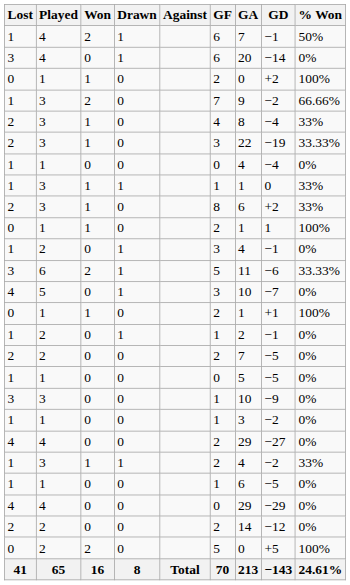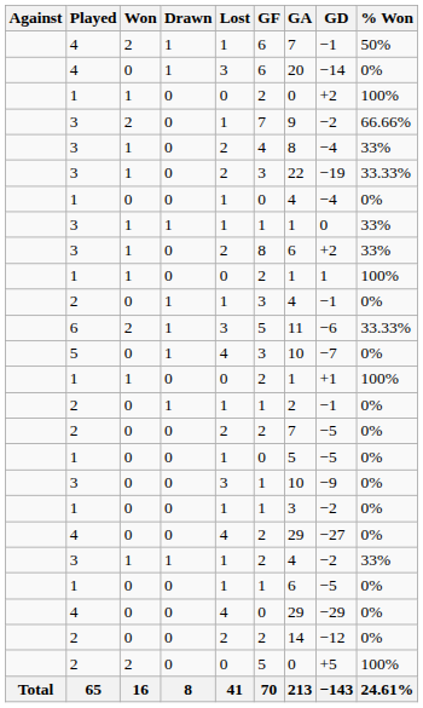 <table class="sortable wikitable">
 <tr>
-<th>Lost</th>
+<th>Against</th>
 <th>Played</th>
 <th>Won</th>
 <th>Drawn</th>
-<th>Against</th>
+<th>Lost</th>
 <th>GF</th>
 <th>GA</th>
 <th>GD</th>
 <th>% Won</th>
 </tr>
 <tr>
-<td>1</td>
+<td style="text-align:left;"></td>
 <td>4</td>
 <td>2</td>
 <td>1</td>
-<td style="text-align:left;"></td>
+<td>1</td>
 <td>6</td>
 <td>7</td>
 <td>−1</td>
 <td>50%</td>
 </tr>
 <tr>
-<td>3</td>
+<td style="text-align:left;"></td>
 <td>4</td>
 <td>0</td>
 <td>1</td>
-<td style="text-align:left;"></td>
+<td>3</td>
 <td>6</td>
 <td>20</td>
 <td>−14</td>
 <td>0%</td>
 </tr>
 <tr>
-<td>0</td>
+<td style="text-align:left;"></td>
 <td>1</td>
 <td>1</td>
 <td>0</td>
-<td style="text-align:left;"></td>
+<td>0</td>
 <td>2</td>
 <td>0</td>
 <td>+2</td>
 <td>100%</td>
 </tr>
 <tr>
-<td>1</td>
+<td style="text-align:left;"></td>
 <td>3</td>
 <td>2</td>
 <td>0</td>
-<td style="text-align:left;"></td>
+<td>1</td>
 <td>7</td>
 <td>9</td>
 <td>−2</td>
 <td>66.66%</td>
 </tr>
 <tr>
-<td>2</td>
+<td style="text-align:left;"></td>
 <td>3</td>
 <td>1</td>
 <td>0</td>
-<td style="text-align:left;"></td>
+<td>2</td>
 <td>4</td>
 <td>8</td>
 <td>−4</td>
 <td>33%</td>
 </tr>
 <tr>
-<td>2</td>
+<td style="text-align:left;"></td>
 <td>3</td>
 <td>1</td>
 <td>0</td>
-<td style="text-align:left;"></td>
+<td>2</td>
 <td>3</td>
 <td>22</td>
 <td>−19</td>
 <td>33.33%</td>
 </tr>
 <tr>
-<td>1</td>
+<td style="text-align:left;"></td>
 <td>1</td>
 <td>0</td>
 <td>0</td>
-<td style="text-align:left;"></td>
+<td>1</td>
 <td>0</td>
 <td>4</td>
 <td>−4</td>
 <td>0%</td>
 </tr>
 <tr>
-<td>1</td>
+<td style="text-align:left;"><em></em></td>
 <td>3</td>
 <td>1</td>
 <td>1</td>
-<td style="text-align:left;"><em></em></td>
+<td>1</td>
 <td>1</td>
 <td>1</td>
 <td>0</td>
 <td>33%</td>
 </tr>
 <tr>
-<td>2</td>
+<td style="text-align:left;"></td>
 <td>3</td>
 <td>1</td>
 <td>0</td>
-<td style="text-align:left;"></td>
+<td>2</td>
 <td>8</td>
 <td>6</td>
 <td>+2</td>
 <td>33%</td>
 </tr>
 <tr>
-<td>0</td>
+<td style="text-align:left;"></td>
 <td>1</td>
 <td>1</td>
 <td>0</td>
-<td style="text-align:left;"></td>
+<td>0</td>
 <td>2</td>
 <td>1</td>
 <td>1</td>
 <td>100%</td>
 </tr>
 <tr>
-<td>1</td>
+<td style="text-align:left;"></td>
 <td>2</td>
 <td>0</td>
 <td>1</td>
-<td style="text-align:left;"></td>
+<td>1</td>
 <td>3</td>
 <td>4</td>
 <td>−1</td>
 <td>0%</td>
 </tr>
 <tr>
-<td>3</td>
+<td style="text-align:left;"></td>
 <td>6</td>
 <td>2</td>
 <td>1</td>
-<td style="text-align:left;"></td>
+<td>3</td>
 <td>5</td>
 <td>11</td>
 <td>−6</td>
 <td>33.33%</td>
 </tr>
 <tr>
-<td>4</td>
+<td style="text-align:left;"></td>
 <td>5</td>
 <td>0</td>
 <td>1</td>
-<td style="text-align:left;"></td>
+<td>4</td>
 <td>3</td>
 <td>10</td>
 <td>−7</td>
 <td>0%</td>
 </tr>
 <tr>
-<td>0</td>
+<td style="text-align:left;"></td>
 <td>1</td>
 <td>1</td>
 <td>0</td>
-<td style="text-align:left;"></td>
+<td>0</td>
 <td>2</td>
 <td>1</td>
 <td>+1</td>
 <td>100%</td>
 </tr>
 <tr>
-<td>1</td>
+<td style="text-align:left;"></td>
 <td>2</td>
 <td>0</td>
 <td>1</td>
-<td style="text-align:left;"></td>
+<td>1</td>
 <td>1</td>
 <td>2</td>
 <td>−1</td>
 <td>0%</td>
 </tr>
 <tr>
-<td>2</td>
+<td style="text-align:left;"></td>
 <td>2</td>
 <td>0</td>
 <td>0</td>
-<td style="text-align:left;"></td>
+<td>2</td>
 <td>2</td>
 <td>7</td>
 <td>−5</td>
 <td>0%</td>
 </tr>
 <tr>
-<td>1</td>
+<td style="text-align:left;"><em></em></td>
 <td>1</td>
 <td>0</td>
 <td>0</td>
-<td style="text-align:left;"><em></em></td>
+<td>1</td>
 <td>0</td>
 <td>5</td>
 <td>−5</td>
 <td>0%</td>
 </tr>
 <tr>
-<td>3</td>
+<td style="text-align:left;"></td>
 <td>3</td>
 <td>0</td>
 <td>0</td>
-<td style="text-align:left;"></td>
+<td>3</td>
 <td>1</td>
 <td>10</td>
 <td>−9</td>
 <td>0%</td>
 </tr>
 <tr>
-<td>1</td>
+<td style="text-align:left;"></td>
 <td>1</td>
 <td>0</td>
 <td>0</td>
-<td style="text-align:left;"></td>
+<td>1</td>
 <td>1</td>
 <td>3</td>
 <td>−2</td>
 <td>0%</td>
 </tr>
 <tr>
-<td>4</td>
+<td style="text-align:left;"></td>
 <td>4</td>
 <td>0</td>
 <td>0</td>
-<td style="text-align:left;"></td>
+<td>4</td>
 <td>2</td>
 <td>29</td>
 <td>−27</td>
 <td>0%</td>
 </tr>
 <tr>
-<td>1</td>
+<td style="text-align:left;"></td>
 <td>3</td>
 <td>1</td>
 <td>1</td>
-<td style="text-align:left;"></td>
+<td>1</td>
 <td>2</td>
 <td>4</td>
 <td>−2</td>
 <td>33%</td>
 </tr>
 <tr>
-<td>1</td>
+<td style="text-align:left;"></td>
 <td>1</td>
 <td>0</td>
 <td>0</td>
-<td style="text-align:left;"></td>
+<td>1</td>
 <td>1</td>
 <td>6</td>
 <td>−5</td>
 <td>0%</td>
 </tr>
 <tr>
-<td>4</td>
+<td style="text-align:left;"></td>
 <td>4</td>
 <td>0</td>
 <td>0</td>
-<td style="text-align:left;"></td>
+<td>4</td>
 <td>0</td>
 <td>29</td>
 <td>−29</td>
 <td>0%</td>
 </tr>
 <tr>
-<td>2</td>
+<td style="text-align:left;"></td>
 <td>2</td>
 <td>0</td>
 <td>0</td>
-<td style="text-align:left;"></td>
+<td>2</td>
 <td>2</td>
 <td>14</td>
 <td>−12</td>
 <td>0%</td>
 </tr>
 <tr>
-<td>0</td>
+<td style="text-align:left;"></td>
 <td>2</td>
 <td>2</td>
 <td>0</td>
-<td style="text-align:left;"></td>
+<td>0</td>
 <td>5</td>
 <td>0</td>
 <td>+5</td>
 <td>100%</td>
 </tr>
 <tr class="sortbottom">
-<th>41</th>
+<th>Total</th>
 <th>65</th>
 <th>16</th>
 <th>8</th>
-<th>Total</th>
+<th>41</th>
 <th>70</th>
 <th>213</th>
 <th>−143</th>
 <th>24.61%</th>
 </tr>
 </table>
